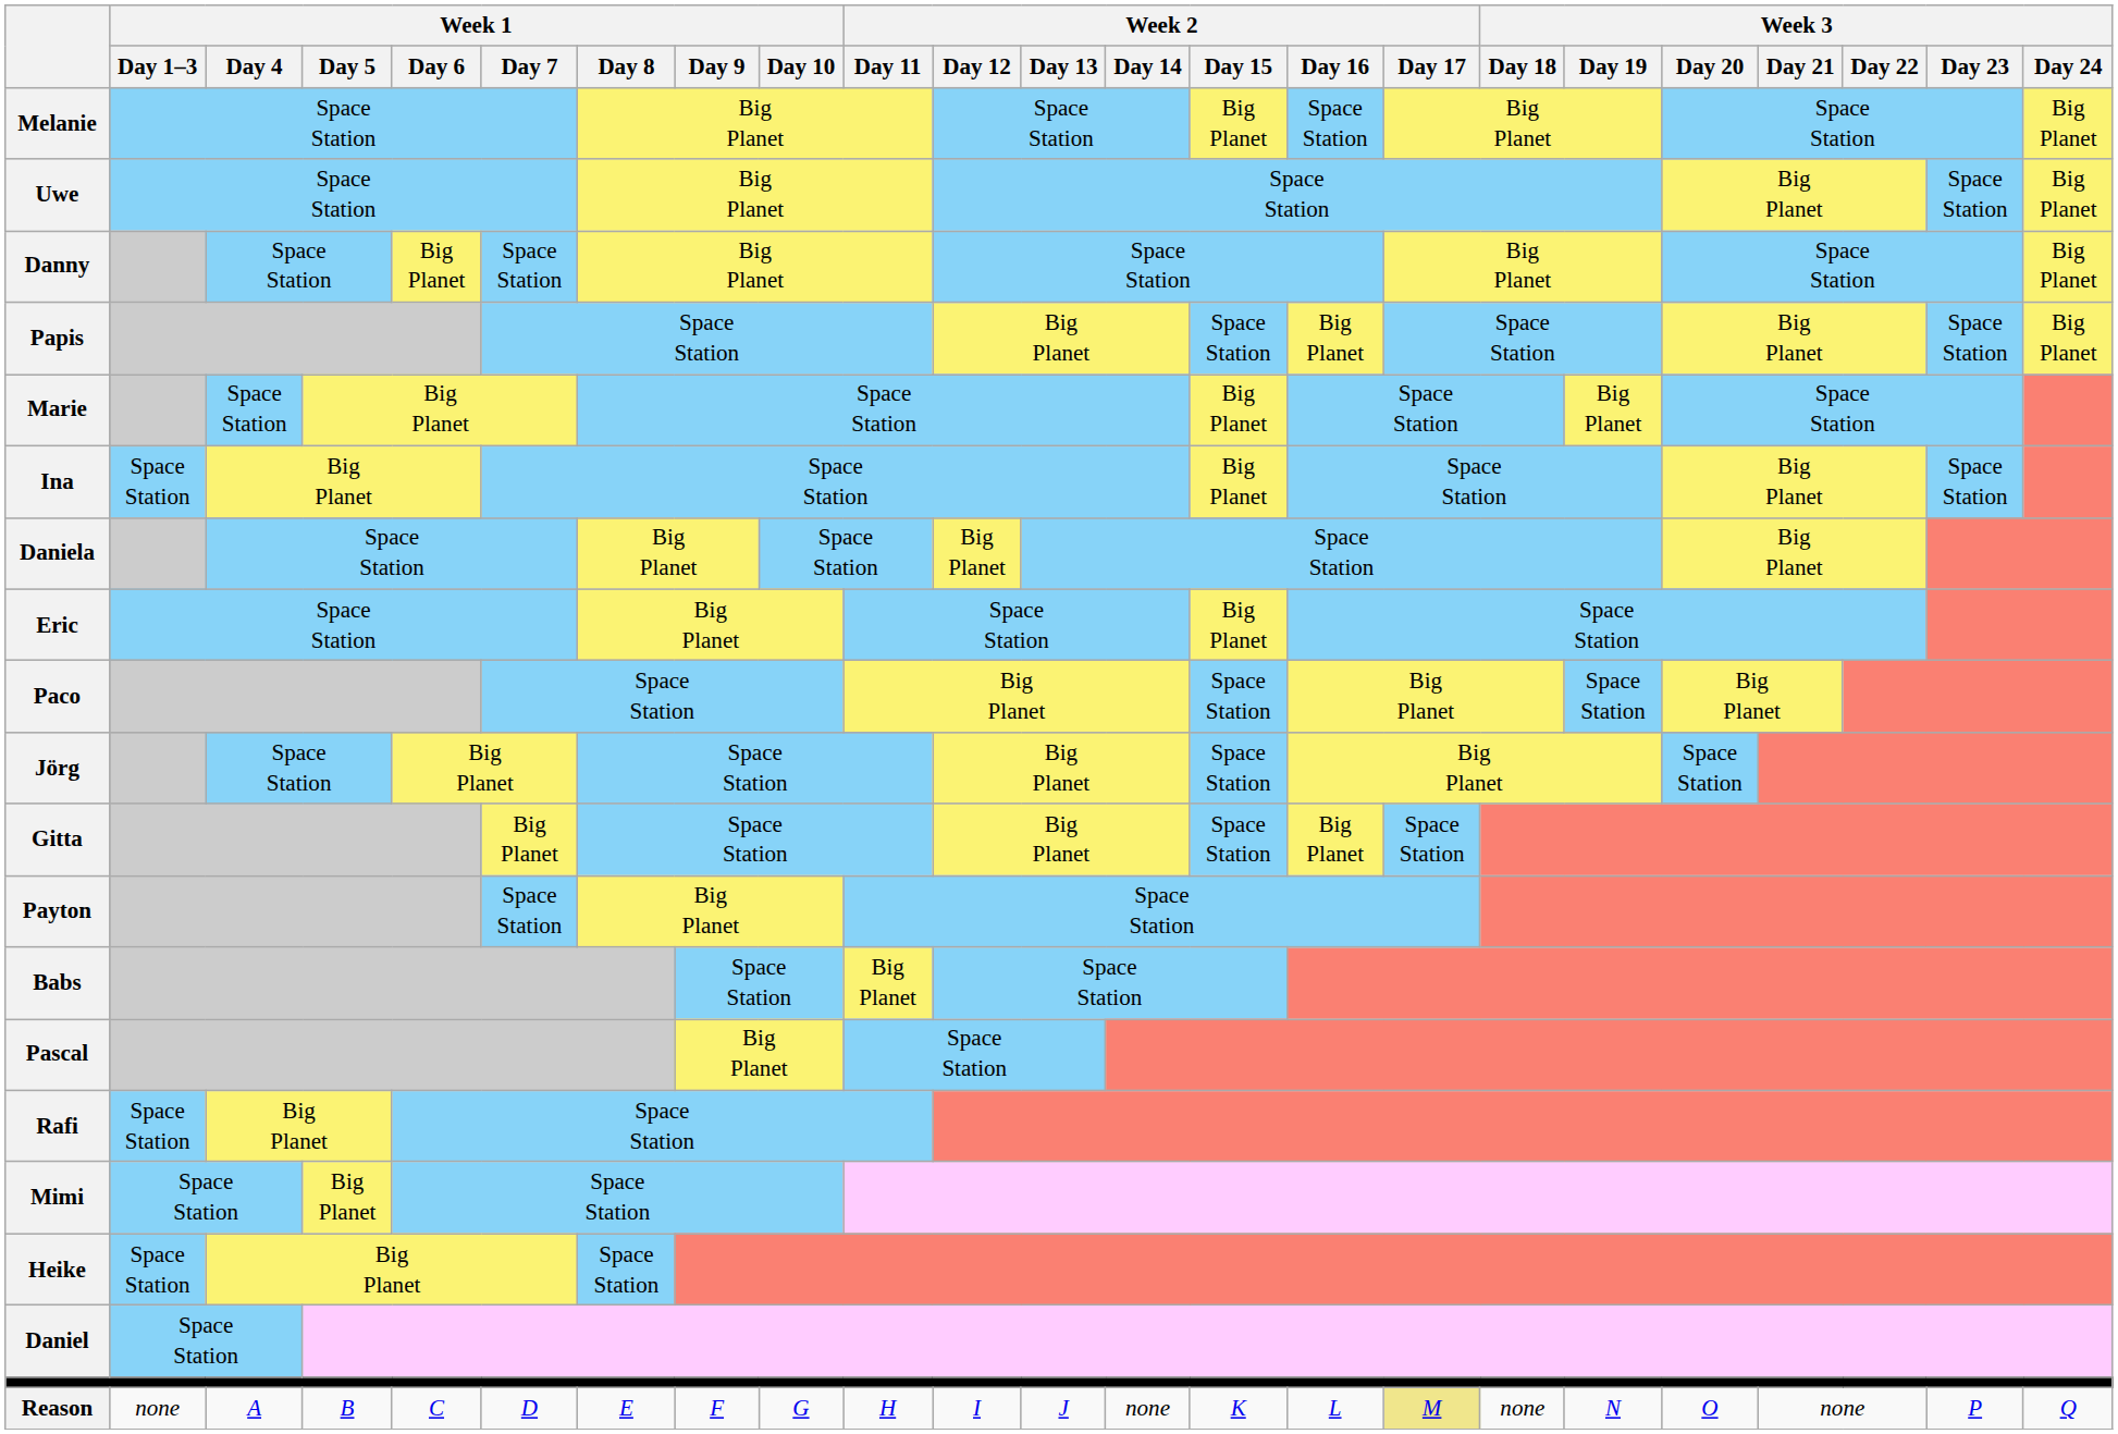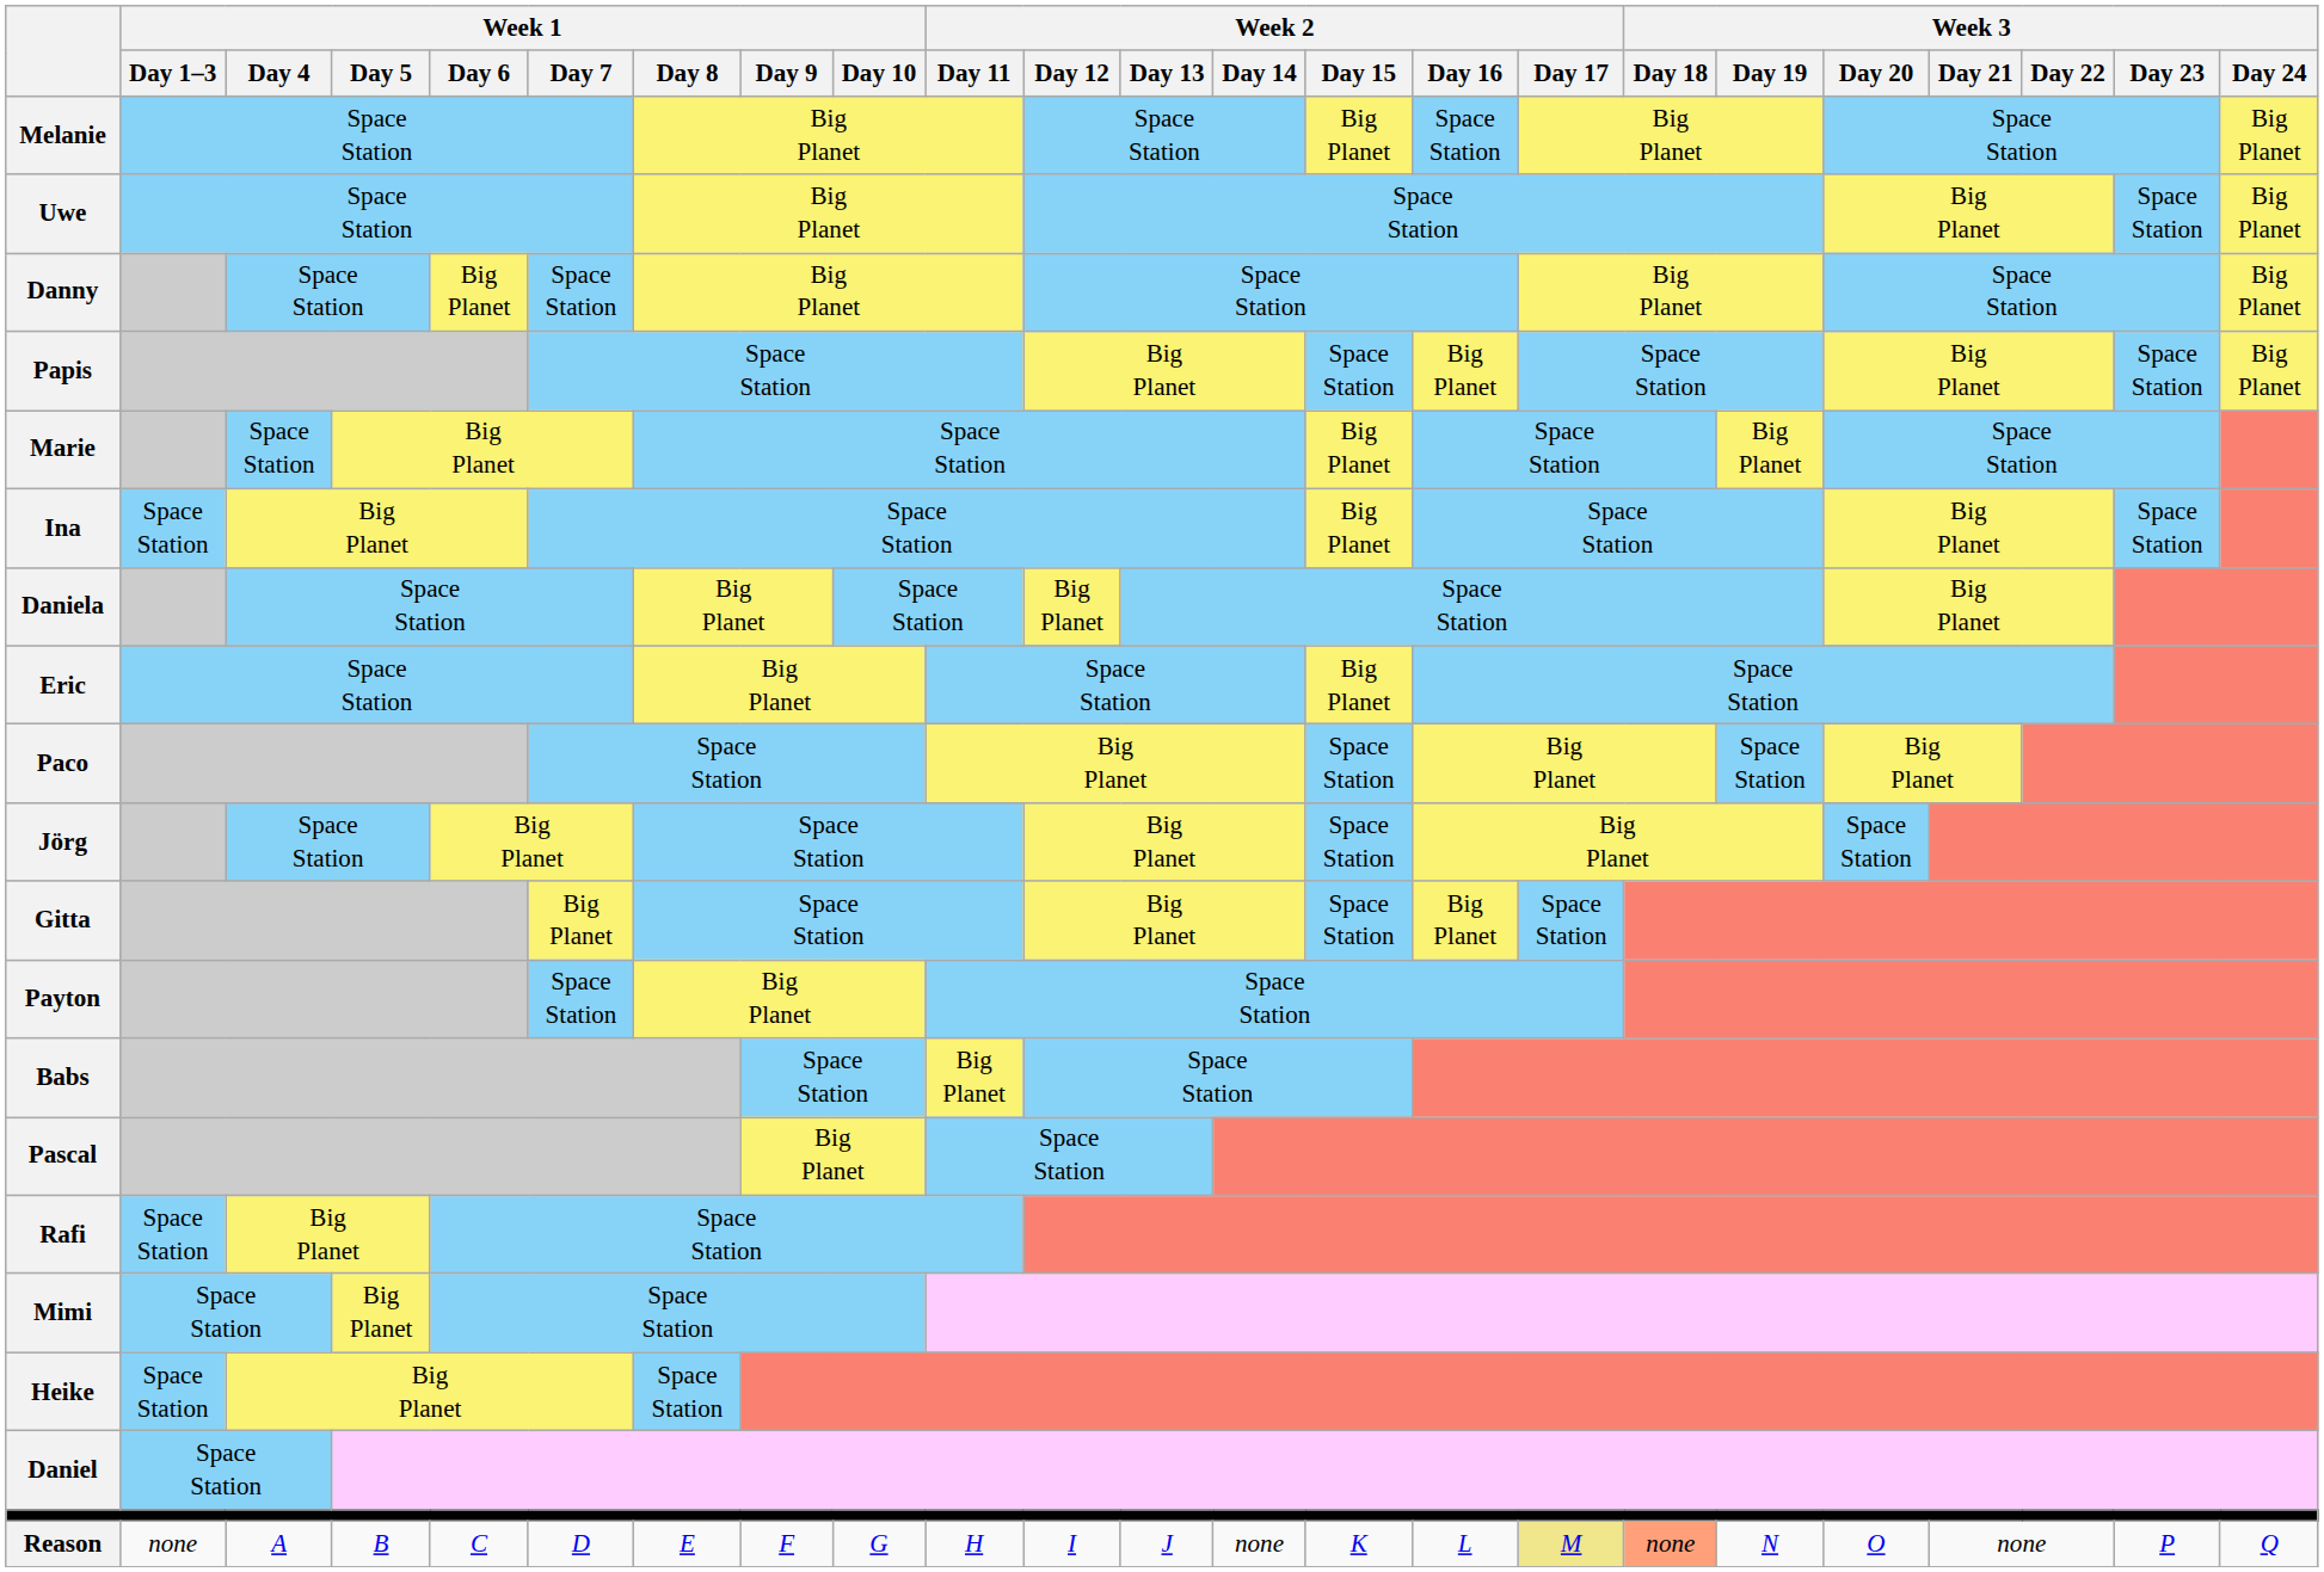 <table class="wikitable" style="text-align:center; width:auto; font-size:85%; line-height:18px;">
 <tr>
 <th rowspan="2" style="width:2%;"></th>
 <th colspan="8">Week 1</th>
 <th colspan="7">Week 2</th>
 <th colspan="7">Week 3</th>
 </tr>
 <tr>
 <th style="width:3%;">Day 1–3</th>
 <th style="width:3%;">Day 4</th>
 <th style="width:3%;">Day 5</th>
 <th style="width:3%;">Day 6</th>
 <th style="width:3%;">Day 7</th>
 <th style="width:3%;">Day 8</th>
 <th style="width:3%;">Day 9</th>
 <th style="width:3%;">Day 10</th>
 <th style="width:3%;">Day 11</th>
 <th style="width:3%;">Day 12</th>
 <th style="width:3%;">Day 13</th>
 <th style="width:3%;">Day 14</th>
 <th style="width:3%;">Day 15</th>
 <th style="width:3%;">Day 16</th>
 <th style="width:3%;">Day 17</th>
 <th style="width:3%;">Day 18</th>
 <th style="width:3%;">Day 19</th>
 <th style="width:3%;">Day 20</th>
 <th style="width:3%;">Day 21</th>
 <th style="width:3%;">Day 22</th>
 <th style="width:3%;">Day 23</th>
 <th style="width:3%;">Day 24</th>
 </tr>
 <tr>
 <th>Melanie</th>
 <td colspan="5" style="background:#87D3F8;">Space<br>Station</td>
 <td colspan="4" style="background:#FBF373;">Big<br>Planet</td>
 <td colspan="3" style="background:#87D3F8;">Space<br>Station</td>
 <td style="background:#FBF373;">Big<br>Planet</td>
 <td style="background:#87D3F8;">Space<br>Station</td>
 <td colspan="3" style="background:#FBF373;">Big<br>Planet</td>
 <td colspan="4" style="background:#87D3F8;">Space<br>Station</td>
 <td style="background:#FBF373;">Big<br>Planet</td>
 </tr>
 <tr>
 <th>Uwe</th>
 <td colspan="5" style="background:#87D3F8;">Space<br>Station</td>
 <td colspan="4" style="background:#FBF373;">Big<br>Planet</td>
 <td colspan="8" style="background:#87D3F8;">Space<br>Station</td>
 <td colspan="3" style="background:#FBF373;">Big<br>Planet</td>
 <td style="background:#87D3F8;">Space<br>Station</td>
 <td style="background:#FBF373;">Big<br>Planet</td>
 </tr>
 <tr>
 <th>Danny</th>
 <td style="background:#cccccc;"></td>
 <td colspan="2" style="background:#87D3F8;">Space<br>Station</td>
 <td style="background:#FBF373;">Big<br>Planet</td>
 <td style="background:#87D3F8;">Space<br>Station</td>
 <td colspan="4" style="background:#FBF373;">Big<br>Planet</td>
 <td colspan="5" style="background:#87D3F8;">Space<br>Station</td>
 <td colspan="3" style="background:#FBF373;">Big<br>Planet</td>
 <td colspan="4" style="background:#87D3F8;">Space<br>Station</td>
 <td style="background:#FBF373;">Big<br>Planet</td>
 </tr>
 <tr>
 <th>Papis</th>
 <td colspan="4" style="background:#cccccc;"></td>
 <td colspan="5" style="background:#87D3F8;">Space<br>Station</td>
 <td colspan="3" style="background:#FBF373;">Big<br>Planet</td>
 <td style="background:#87D3F8;">Space<br>Station</td>
 <td style="background:#FBF373;">Big<br>Planet</td>
 <td colspan="3" style="background:#87D3F8;">Space<br>Station</td>
 <td colspan="3" style="background:#FBF373;">Big<br>Planet</td>
 <td style="background:#87D3F8;">Space<br>Station</td>
 <td style="background:#FBF373;">Big<br>Planet</td>
 </tr>
 <tr>
 <th>Marie</th>
 <td style="background:#cccccc;"></td>
 <td style="background:#87D3F8;">Space<br>Station</td>
 <td colspan="3" style="background:#FBF373;">Big<br>Planet</td>
 <td colspan="7" style="background:#87D3F8;">Space<br>Station</td>
 <td style="background:#FBF373;">Big<br>Planet</td>
 <td colspan="3" style="background:#87D3F8;">Space<br>Station</td>
 <td style="background:#FBF373;">Big<br>Planet</td>
 <td colspan="4" style="background:#87D3F8;">Space<br>Station</td>
 <td style="background:#FA8072"></td>
 </tr>
 <tr>
 <th>Ina</th>
 <td style="background:#87D3F8;">Space<br>Station</td>
 <td colspan="3" style="background:#FBF373;">Big<br>Planet</td>
 <td colspan="8" style="background:#87D3F8;">Space<br>Station</td>
 <td style="background:#FBF373;">Big<br>Planet</td>
 <td colspan="4" style="background:#87D3F8;">Space<br>Station</td>
 <td colspan="3" style="background:#FBF373;">Big<br>Planet</td>
 <td style="background:#87D3F8;">Space<br>Station</td>
 <td style="background:#FA8072"></td>
 </tr>
 <tr>
 <th>Daniela</th>
 <td style="background:#cccccc;"></td>
 <td colspan="4" style="background:#87D3F8;">Space<br>Station</td>
 <td colspan="2" style="background:#FBF373;">Big<br>Planet</td>
 <td colspan="2" style="background:#87D3F8;">Space<br>Station</td>
 <td style="background:#FBF373;">Big<br>Planet</td>
 <td colspan="7" style="background:#87D3F8;">Space<br>Station</td>
 <td colspan="3" style="background:#FBF373;">Big<br>Planet</td>
 <td style="background:#FA8072" colspan="2"></td>
 </tr>
 <tr>
 <th>Eric</th>
 <td colspan="5" style="background:#87D3F8;">Space<br>Station</td>
 <td colspan="3" style="background:#FBF373;">Big<br>Planet</td>
 <td colspan="4" style="background:#87D3F8;">Space<br>Station</td>
 <td style="background:#FBF373;">Big<br>Planet</td>
 <td colspan="7" style="background:#87D3F8;">Space<br>Station</td>
 <td style="background:#FA8072" colspan="2"></td>
 </tr>
 <tr>
 <th>Paco</th>
 <td colspan="4" style="background:#cccccc;"></td>
 <td colspan="4" style="background:#87D3F8;">Space<br>Station</td>
 <td colspan="4" style="background:#FBF373;">Big<br>Planet</td>
 <td style="background:#87D3F8;">Space<br>Station</td>
 <td colspan="3" style="background:#FBF373;">Big<br>Planet</td>
 <td style="background:#87D3F8;">Space<br>Station</td>
 <td colspan="2" style="background:#FBF373;">Big<br>Planet</td>
 <td style="background:#FA8072" colspan="3"></td>
 </tr>
 <tr>
 <th>Jörg</th>
 <td style="background:#cccccc;"></td>
 <td colspan="2" style="background:#87D3F8;">Space<br>Station</td>
 <td colspan="2" style="background:#FBF373;">Big<br>Planet</td>
 <td colspan="4" style="background:#87D3F8;">Space<br>Station</td>
 <td colspan="3" style="background:#FBF373;">Big<br>Planet</td>
 <td style="background:#87D3F8;">Space<br>Station</td>
 <td colspan="4" style="background:#FBF373;">Big<br>Planet</td>
 <td style="background:#87D3F8;">Space<br>Station</td>
 <td style="background:#FA8072" colspan="4"></td>
 </tr>
 <tr>
 <th>Gitta</th>
 <td colspan="4" style="background:#cccccc;"></td>
 <td style="background:#FBF373;">Big<br>Planet</td>
 <td colspan="4" style="background:#87D3F8;">Space<br>Station</td>
 <td colspan="3" style="background:#FBF373;">Big<br>Planet</td>
 <td style="background:#87D3F8;">Space<br>Station</td>
 <td style="background:#FBF373;">Big<br>Planet</td>
 <td style="background:#87D3F8;">Space<br>Station</td>
 <td style="background:#FA8072" colspan="7"></td>
 </tr>
 <tr>
 <th>Payton</th>
 <td colspan="4" style="background:#cccccc;"></td>
 <td style="background:#87D3F8;">Space<br>Station</td>
 <td colspan="3" style="background:#FBF373;">Big<br>Planet</td>
 <td colspan="7" style="background:#87D3F8;">Space<br>Station</td>
 <td style="background:#FA8072" colspan="7"></td>
 </tr>
 <tr>
 <th>Babs</th>
 <td colspan="6" style="background:#cccccc;"></td>
 <td colspan="2" style="background:#87D3F8;">Space<br>Station</td>
 <td style="background:#FBF373;">Big<br>Planet</td>
 <td colspan="4" style="background:#87D3F8;">Space<br>Station</td>
 <td style="background:#FA8072" colspan="9"></td>
 </tr>
 <tr>
 <th>Pascal</th>
 <td colspan="6" style="background:#cccccc;"></td>
 <td colspan="2" style="background:#FBF373;">Big<br>Planet</td>
 <td colspan="3" style="background:#87D3F8;">Space<br>Station</td>
 <td style="background:#FA8072" colspan="11"></td>
 </tr>
 <tr>
 <th>Rafi</th>
 <td style="background:#87D3F8;">Space<br>Station</td>
 <td colspan="2" style="background:#FBF373;">Big<br>Planet</td>
 <td colspan="6" style="background:#87D3F8;">Space<br>Station</td>
 <td style="background:#FA8072" colspan="13"></td>
 </tr>
 <tr>
 <th>Mimi</th>
 <td colspan="2" style="background:#87D3F8;">Space<br>Station</td>
 <td style="background:#FBF373;">Big<br>Planet</td>
 <td colspan="5" style="background:#87D3F8;">Space<br>Station</td>
 <td style="background:#FCF" colspan="14"></td>
 </tr>
 <tr>
 <th>Heike</th>
 <td style="background:#87D3F8;">Space<br>Station</td>
 <td colspan="4" style="background:#FBF373;">Big<br>Planet</td>
 <td style="background:#87D3F8;">Space<br>Station</td>
 <td colspan="16" style="background:#FA8072"></td>
 </tr>
 <tr>
 <th>Daniel</th>
 <td colspan="2" style="background:#87D3F8;">Space<br>Station</td>
 <td style="background:#FCF" colspan="20"></td>
 </tr>
 <tr>
 <th colspan="23" style="background:black;"></th>
 </tr>
 <tr>
 <th>Reason</th>
 <td><em>none</em></td>
 <td><em><a href='#'>A</a></em></td>
 <td><em><a href='#'>B</a></em></td>
 <td><em><a href='#'>C</a></em></td>
 <td><em><a href='#'>D</a></em></td>
 <td><em><a href='#'>E</a></em></td>
 <td><em><a href='#'>F</a></em></td>
 <td><em><a href='#'>G</a></em></td>
 <td><em><a href='#'>H</a></em></td>
 <td><em><a href='#'>I</a></em></td>
 <td><em><a href='#'>J</a></em></td>
 <td><em>none</em></td>
 <td><em><a href='#'>K</a></em></td>
 <td><em><a href='#'>L</a></em></td>
 <td style="background: khaki;"><em><a href='#'>M</a></em></td>
-<td><em>none</em></td>
+<td style="background: lightsalmon;"><em>none</em></td>
 <td><em><a href='#'>N</a></em></td>
 <td><em><a href='#'>O</a></em></td>
 <td colspan="2"><em>none</em></td>
 <td><em><a href='#'>P</a></em></td>
 <td><em><a href='#'>Q</a></em></td>
 </tr>
 <tr>
 </tr>
 </table>
